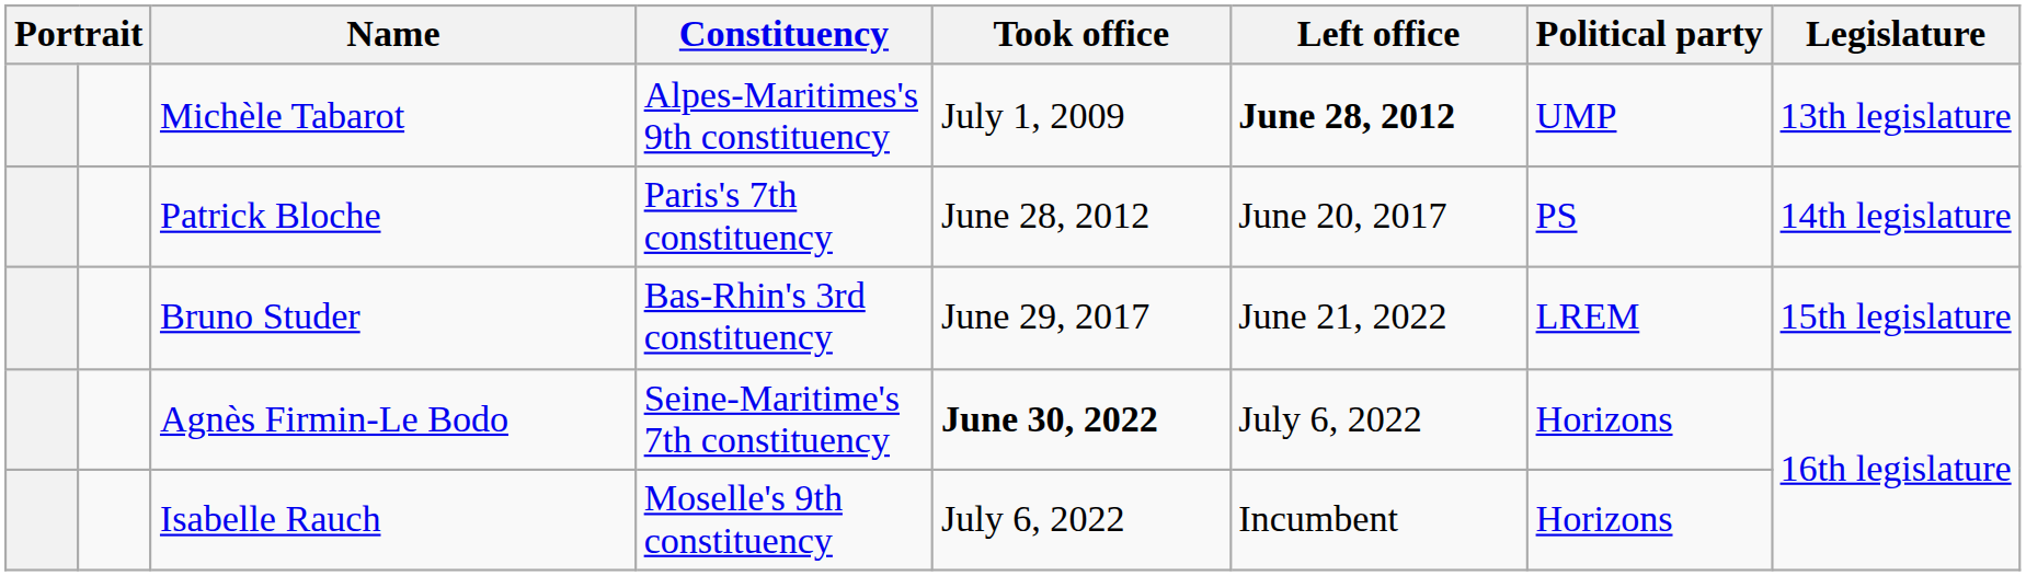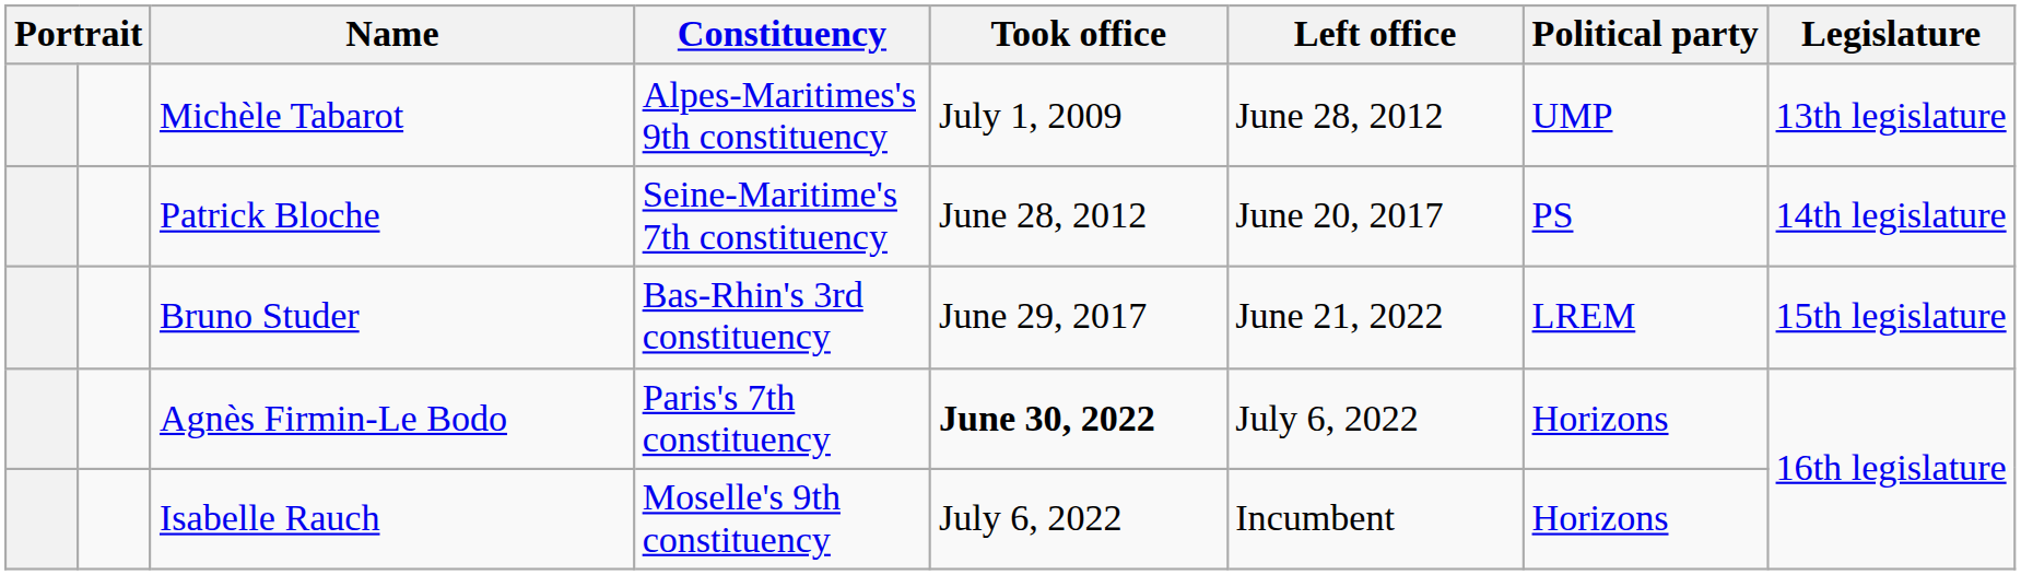 <table class="wikitable">
 <tr>
 <th colspan=2>Portrait</th>
 <th width=200>Name</th>
 <th width=120><a href='#'>Constituency</a></th>
 <th width=120>Took office</th>
 <th width=120>Left office</th>
 <th>Political party</th>
 <th>Legislature</th>
 </tr>
 <tr>
 <th style="background:"></th>
 <td></td>
 <td><a href='#'>Michèle Tabarot</a></td>
 <td><a href='#'>Alpes-Maritimes's 9th constituency</a></td>
 <td>July 1, 2009</td>
-<td><strong>June 28, 2012</strong></td>
+<td>June 28, 2012</td>
 <td><a href='#'>UMP</a></td>
 <td><a href='#'>13th legislature</a></td>
 </tr>
 <tr>
 <th style="background:"></th>
 <td></td>
 <td><a href='#'>Patrick Bloche</a></td>
-<td><a href='#'>Paris's 7th constituency</a></td>
+<td><a href='#'>Seine-Maritime's 7th constituency</a></td>
 <td>June 28, 2012</td>
 <td>June 20, 2017</td>
 <td><a href='#'>PS</a></td>
 <td><a href='#'>14th legislature</a></td>
 </tr>
 <tr>
 <th style="background:"></th>
 <td></td>
 <td><a href='#'>Bruno Studer</a></td>
 <td><a href='#'>Bas-Rhin's 3rd constituency</a></td>
 <td>June 29, 2017</td>
 <td>June 21, 2022</td>
 <td><a href='#'>LREM</a></td>
 <td><a href='#'>15th legislature</a></td>
 </tr>
 <tr>
 <th style="background:"></th>
 <td></td>
 <td><a href='#'>Agnès Firmin-Le Bodo</a></td>
-<td><a href='#'>Seine-Maritime's 7th constituency</a></td>
+<td><a href='#'>Paris's 7th constituency</a></td>
 <td><strong>June 30, 2022</strong></td>
 <td>July 6, 2022</td>
 <td><a href='#'>Horizons</a></td>
 <td rowspan=2><a href='#'>16th legislature</a></td>
 </tr>
 <tr>
 <th style="background:"></th>
 <td></td>
 <td><a href='#'>Isabelle Rauch</a></td>
 <td><a href='#'>Moselle's 9th constituency</a></td>
 <td>July 6, 2022</td>
 <td>Incumbent</td>
 <td><a href='#'>Horizons</a></td>
 </tr>
 </table>
